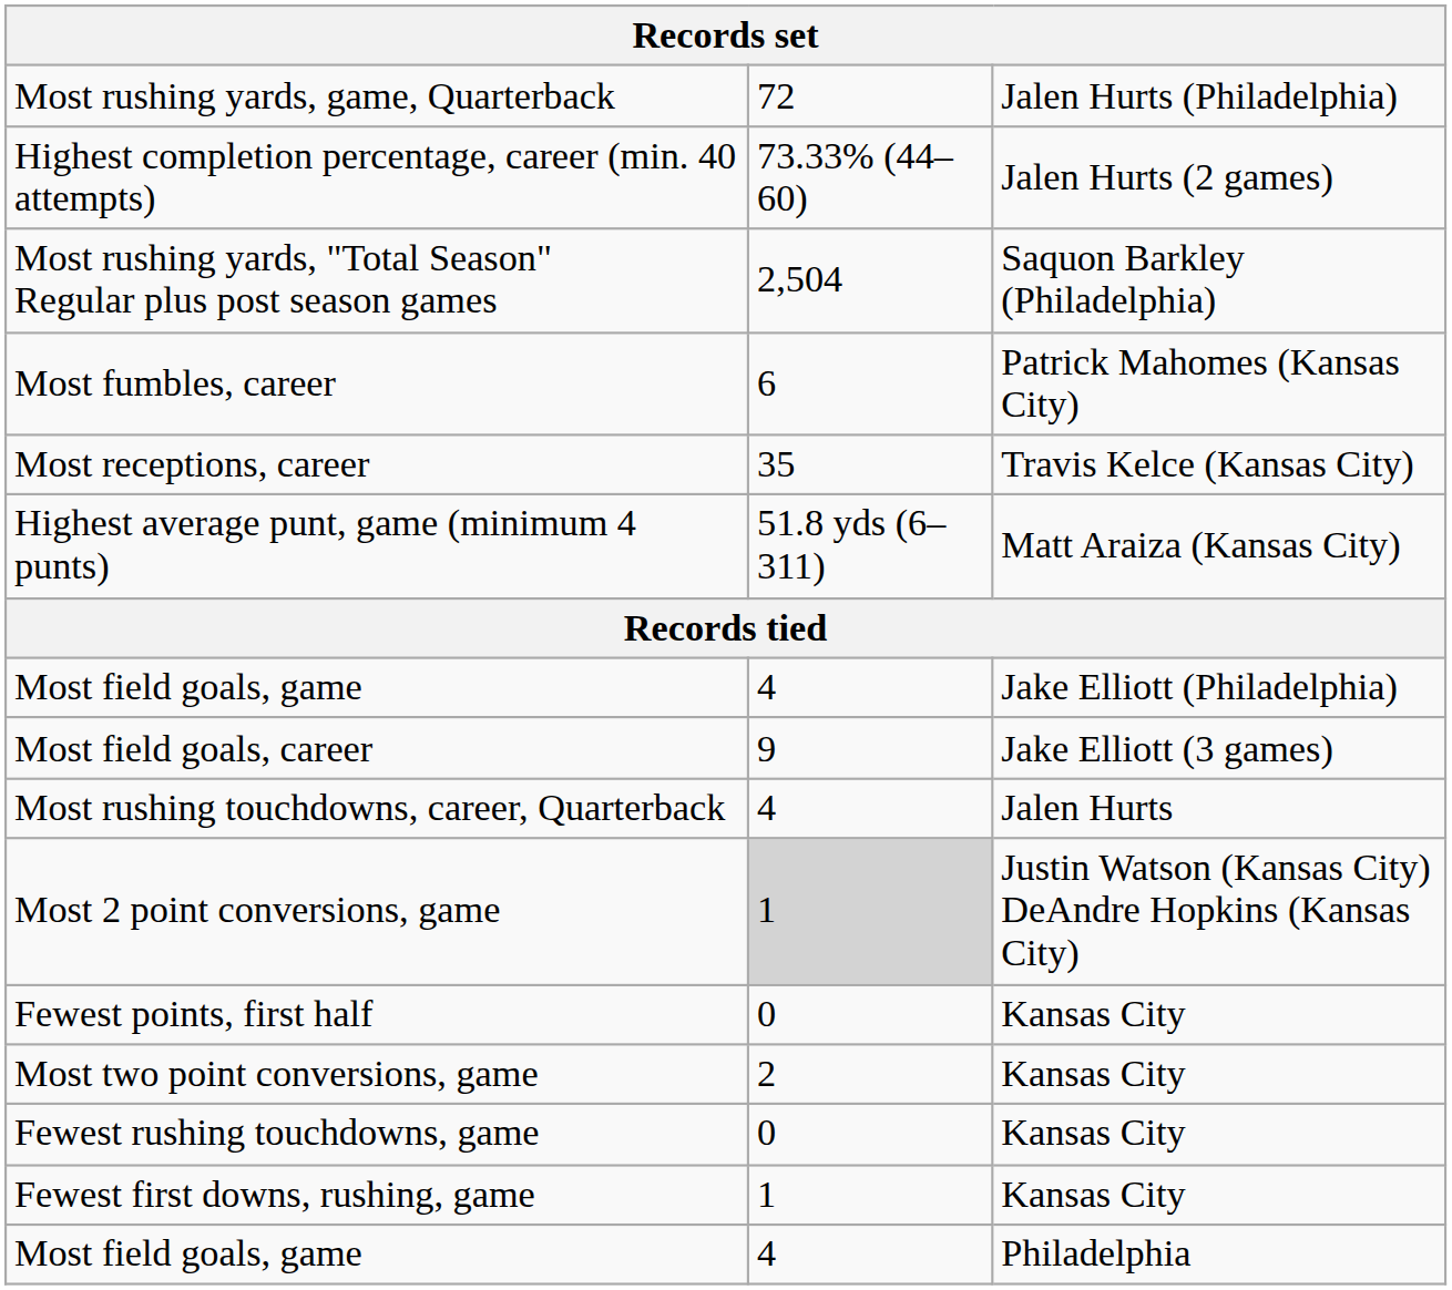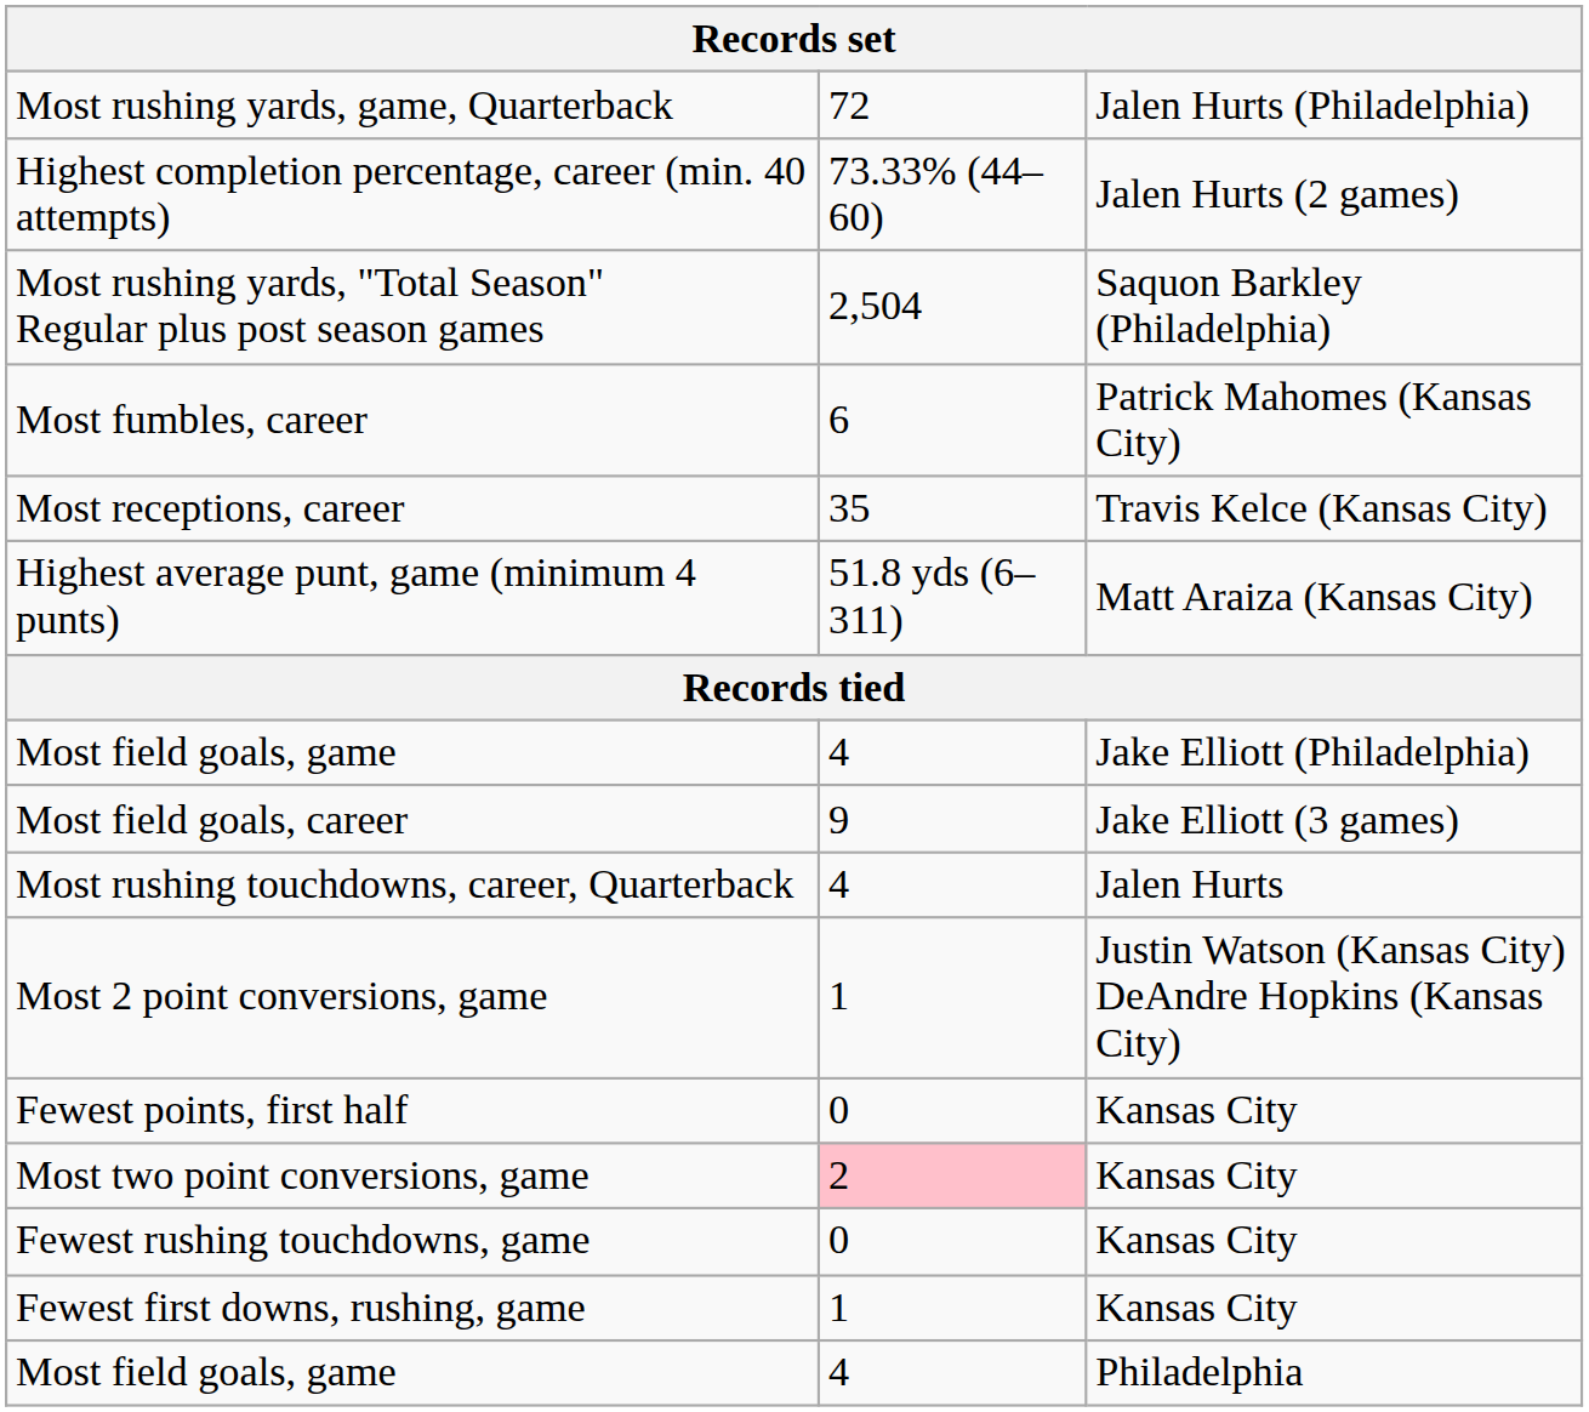 <table class="wikitable">
 <tr>
 <th colspan=3>Records set<br></th>
 </tr>
 <tr>
 <td>Most rushing yards, game, Quarterback</td>
 <td>72</td>
 <td>Jalen Hurts (Philadelphia)</td>
 </tr>
 <tr>
 <td>Highest completion percentage, career (min. 40 attempts)</td>
 <td>73.33% (44–60)</td>
 <td>Jalen Hurts (2 games)</td>
 </tr>
 <tr>
 <td>Most rushing yards, "Total Season"<br>Regular plus post season games</td>
 <td>2,504 </td>
 <td>Saquon Barkley (Philadelphia)</td>
 </tr>
 <tr>
 <td>Most fumbles, career</td>
 <td>6 </td>
 <td>Patrick Mahomes (Kansas City)</td>
 </tr>
 <tr>
 <td>Most receptions, career</td>
 <td>35</td>
 <td>Travis Kelce (Kansas City)</td>
 </tr>
 <tr>
 <td>Highest average punt, game (minimum 4 punts)</td>
 <td>51.8 yds (6–311)</td>
 <td>Matt Araiza (Kansas City)</td>
 </tr>
 <tr>
 <th colspan=3>Records tied</th>
 </tr>
 <tr>
 <td>Most field goals, game</td>
 <td>4</td>
 <td>Jake Elliott (Philadelphia)</td>
 </tr>
 <tr>
 <td>Most field goals, career</td>
 <td>9</td>
 <td>Jake Elliott (3 games)</td>
 </tr>
 <tr>
 <td>Most rushing touchdowns, career, Quarterback</td>
 <td>4</td>
 <td>Jalen Hurts</td>
 </tr>
 <tr>
 <td>Most 2 point conversions, game</td>
-<td style="background: lightgrey;">1</td>
+<td>1</td>
 <td>Justin Watson (Kansas City) <br>DeAndre Hopkins (Kansas City)</td>
 </tr>
 <tr>
 <td>Fewest points, first half</td>
 <td>0</td>
 <td>Kansas City</td>
 </tr>
 <tr>
 <td>Most two point conversions, game</td>
-<td>2</td>
+<td style="background: pink;">2</td>
 <td>Kansas City</td>
 </tr>
 <tr>
 <td>Fewest rushing touchdowns, game</td>
 <td>0</td>
 <td>Kansas City</td>
 </tr>
 <tr>
 <td>Fewest first downs, rushing, game</td>
 <td>1</td>
 <td>Kansas City</td>
 </tr>
 <tr>
 <td>Most field goals, game</td>
 <td>4</td>
 <td>Philadelphia</td>
 </tr>
 </table>
